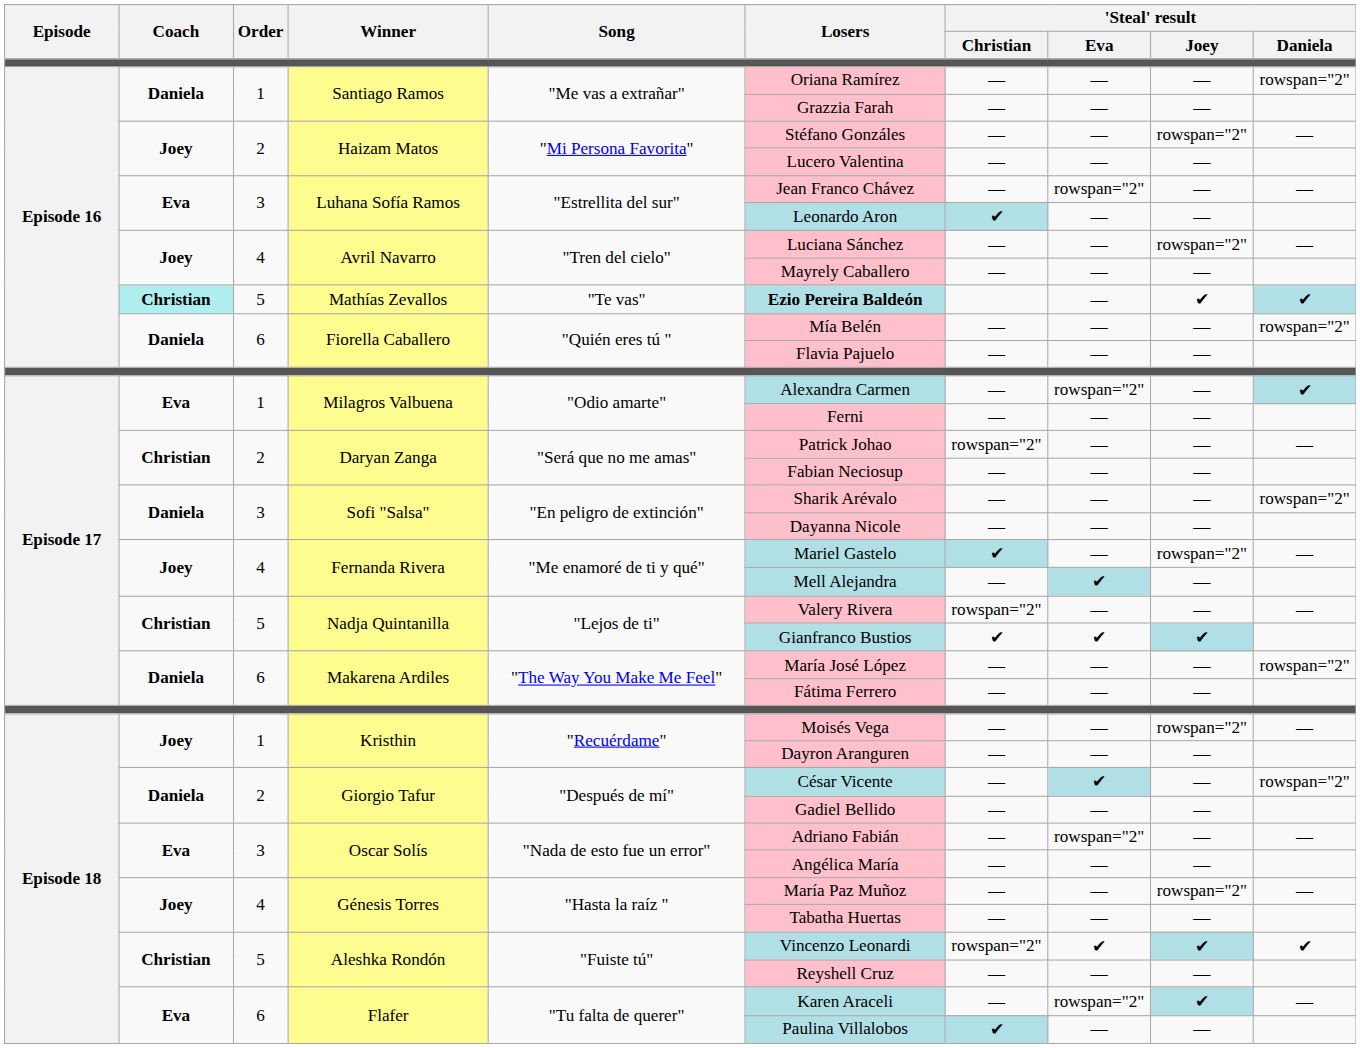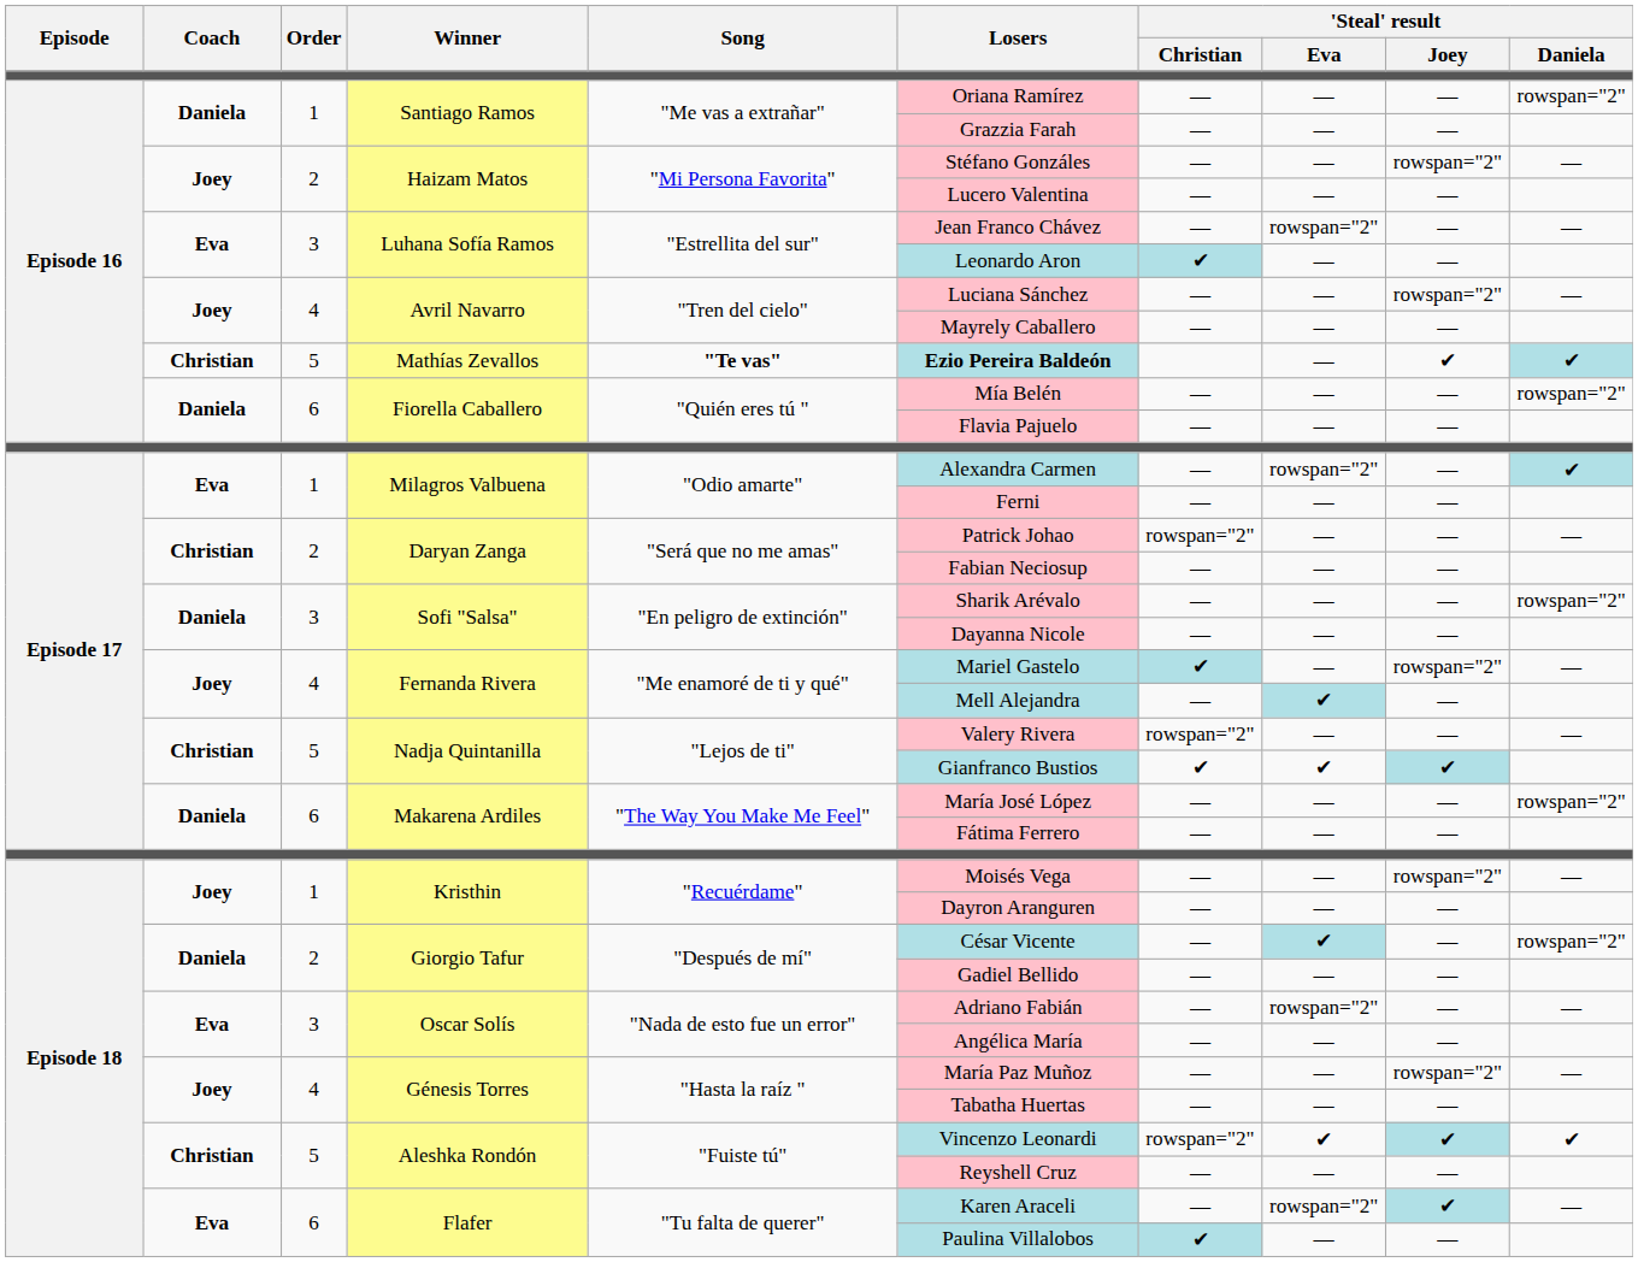 <table class="wikitable" style="text-align: center; width:100%">
 <tr>
 <th rowspan="2" style="width:08%">Episode</th>
 <th rowspan="2" style="width:08%">Coach</th>
 <th rowspan="2" style="width:02%">Order</th>
 <th rowspan="2" style="width:14%">Winner</th>
 <th rowspan="2" style="width:18%">Song</th>
 <th rowspan="2" style="width:14%">Losers</th>
 <th colspan="4" style="width:24%">'Steal' result</th>
 </tr>
 <tr>
 <th style="width:06%">Christian</th>
 <th style="width:06%">Eva</th>
 <th style="width:06%">Joey</th>
 <th style="width:06%">Daniela</th>
 </tr>
 <tr>
 <td colspan="10" style="background:#555"></td>
 </tr>
 <tr>
 <th rowspan="11">Episode 16<br></th>
 <td rowspan="2"><strong>Daniela</strong></td>
 <td rowspan="2">1</td>
 <td rowspan="2" style="background:#fdfc8f">Santiago Ramos</td>
 <td rowspan="2">"Me vas a extrañar"</td>
 <td style="background:pink">Oriana Ramírez</td>
 <td>—</td>
 <td>—</td>
 <td>—</td>
 <td>rowspan="2" </td>
 </tr>
 <tr>
 <td style="background:pink">Grazzia Farah</td>
 <td>—</td>
 <td>—</td>
 <td>—</td>
 </tr>
 <tr>
 <td rowspan="2"><strong>Joey</strong></td>
 <td rowspan="2">2</td>
 <td rowspan="2" style="background:#fdfc8f">Haizam Matos</td>
 <td rowspan="2">"<a href='#'>Mi Persona Favorita</a>"</td>
 <td style="background:pink">Stéfano Gonzáles</td>
 <td>—</td>
 <td>—</td>
 <td>rowspan="2" </td>
 <td>—</td>
 </tr>
 <tr>
 <td style="background:pink">Lucero Valentina</td>
 <td>—</td>
 <td>—</td>
 <td>—</td>
 </tr>
 <tr>
 <td rowspan="2"><strong>Eva</strong></td>
 <td rowspan="2">3</td>
 <td rowspan="2" style="background:#fdfc8f">Luhana Sofía Ramos</td>
 <td rowspan="2">"Estrellita del sur"</td>
 <td style="background:pink">Jean Franco Chávez</td>
 <td>—</td>
 <td>rowspan="2" </td>
 <td>—</td>
 <td>—</td>
 </tr>
 <tr>
 <td style="background:#b0e0e6">Leonardo Aron</td>
 <td style="background:#b0e0e6">✔</td>
 <td>—</td>
 <td>—</td>
 </tr>
 <tr>
 <td rowspan="2"><strong>Joey</strong></td>
 <td rowspan="2">4</td>
 <td rowspan="2" style="background:#fdfc8f">Avril Navarro</td>
 <td rowspan="2">"Tren del cielo"</td>
 <td style="background:pink">Luciana Sánchez</td>
 <td>—</td>
 <td>—</td>
 <td>rowspan="2" </td>
 <td>—</td>
 </tr>
 <tr>
 <td style="background:pink">Mayrely Caballero</td>
 <td>—</td>
 <td>—</td>
 <td>—</td>
 </tr>
 <tr>
-<td style="background: paleturquoise;"><strong>Christian</strong></td>
+<td><strong>Christian</strong></td>
 <td>5</td>
 <td style="background:#fdfc8f">Mathías Zevallos</td>
-<td>"Te vas"</td>
+<td><strong>"Te vas"</strong></td>
 <td style="background:#b0e0e6"><strong>Ezio Pereira Baldeón</strong></td>
 <td></td>
 <td>—</td>
 <td>✔</td>
 <td style="background:#b0e0e6">✔</td>
 </tr>
 <tr>
 <td rowspan="2"><strong>Daniela</strong></td>
 <td rowspan="2">6</td>
 <td rowspan="2" style="background:#fdfc8f">Fiorella Caballero</td>
 <td rowspan="2">"Quién eres tú "</td>
 <td style="background:pink">Mía Belén</td>
 <td>—</td>
 <td>—</td>
 <td>—</td>
 <td>rowspan="2" </td>
 </tr>
 <tr>
 <td style="background:pink">Flavia Pajuelo</td>
 <td>—</td>
 <td>—</td>
 <td>—</td>
 </tr>
 <tr>
 <th colspan="10" style="background:#555555"></th>
 </tr>
 <tr>
 <th rowspan="12">Episode 17<br></th>
 <td rowspan="2"><strong>Eva</strong></td>
 <td rowspan="2">1</td>
 <td rowspan="2" style="background:#fdfc8f">Milagros Valbuena</td>
 <td rowspan="2">"Odio amarte"</td>
 <td style="background:#b0e0e6">Alexandra Carmen</td>
 <td>—</td>
 <td>rowspan="2" </td>
 <td>—</td>
 <td style="background:#b0e0e6">✔</td>
 </tr>
 <tr>
 <td style="background:pink">Ferni</td>
 <td>—</td>
 <td>—</td>
 <td>—</td>
 </tr>
 <tr>
 <td rowspan="2"><strong>Christian</strong></td>
 <td rowspan="2">2</td>
 <td rowspan="2" style="background:#fdfc8f">Daryan Zanga</td>
 <td rowspan="2">"Será que no me amas"</td>
 <td style="background:pink">Patrick Johao</td>
 <td>rowspan="2" </td>
 <td>—</td>
 <td>—</td>
 <td>—</td>
 </tr>
 <tr>
 <td style="background:pink">Fabian Neciosup</td>
 <td>—</td>
 <td>—</td>
 <td>—</td>
 </tr>
 <tr>
 <td rowspan="2"><strong>Daniela</strong></td>
 <td rowspan="2">3</td>
 <td rowspan="2" style="background:#fdfc8f">Sofi "Salsa"</td>
 <td rowspan="2">"En peligro de extinción"</td>
 <td style="background:pink">Sharik Arévalo</td>
 <td>—</td>
 <td>—</td>
 <td>—</td>
 <td>rowspan="2" </td>
 </tr>
 <tr>
 <td style="background:pink">Dayanna Nicole</td>
 <td>—</td>
 <td>—</td>
 <td>—</td>
 </tr>
 <tr>
 <td rowspan="2"><strong>Joey</strong></td>
 <td rowspan="2">4</td>
 <td rowspan="2" style="background:#fdfc8f">Fernanda Rivera</td>
 <td rowspan="2">"Me enamoré de ti y qué"</td>
 <td style="background:#b0e0e6">Mariel Gastelo</td>
 <td style="background:#b0e0e6">✔</td>
 <td>—</td>
 <td>rowspan="2" </td>
 <td>—</td>
 </tr>
 <tr>
 <td style="background:#b0e0e6">Mell Alejandra</td>
 <td>—</td>
 <td style="background:#b0e0e6">✔</td>
 <td>—</td>
 </tr>
 <tr>
 <td rowspan="2"><strong>Christian</strong></td>
 <td rowspan="2">5</td>
 <td rowspan="2" style="background:#fdfc8f">Nadja Quintanilla</td>
 <td rowspan="2">"Lejos de ti"</td>
 <td style="background:pink">Valery Rivera</td>
 <td>rowspan="2" </td>
 <td>—</td>
 <td>—</td>
 <td>—</td>
 </tr>
 <tr>
 <td style="background:#b0e0e6">Gianfranco Bustios</td>
 <td>✔</td>
 <td>✔</td>
 <td style="background:#b0e0e6">✔</td>
 </tr>
 <tr>
 <td rowspan="2"><strong>Daniela</strong></td>
 <td rowspan="2">6</td>
 <td rowspan="2" style="background:#fdfc8f">Makarena Ardiles</td>
 <td rowspan="2">"<a href='#'>The Way You Make Me Feel</a>"</td>
 <td style="background:pink">María José López</td>
 <td>—</td>
 <td>—</td>
 <td>—</td>
 <td>rowspan="2" </td>
 </tr>
 <tr>
 <td style="background:pink">Fátima Ferrero</td>
 <td>—</td>
 <td>—</td>
 <td>—</td>
 </tr>
 <tr>
 <th colspan="10" style="background:#555555"></th>
 </tr>
 <tr>
 <th rowspan="12">Episode 18<br></th>
 <td rowspan="2"><strong>Joey</strong></td>
 <td rowspan="2">1</td>
 <td rowspan="2" style="background:#fdfc8f">Kristhin</td>
 <td rowspan="2">"<a href='#'>Recuérdame</a>"</td>
 <td style="background:pink">Moisés Vega</td>
 <td>—</td>
 <td>—</td>
 <td>rowspan="2" </td>
 <td>—</td>
 </tr>
 <tr>
 <td style="background:pink">Dayron Aranguren</td>
 <td>—</td>
 <td>—</td>
 <td>—</td>
 </tr>
 <tr>
 <td rowspan="2"><strong>Daniela</strong></td>
 <td rowspan="2">2</td>
 <td rowspan="2" style="background:#fdfc8f">Giorgio Tafur</td>
 <td rowspan="2">"Después de mí"</td>
 <td style="background:#b0e0e6">César Vicente</td>
 <td>—</td>
 <td style="background:#b0e0e6">✔</td>
 <td>—</td>
 <td>rowspan="2" </td>
 </tr>
 <tr>
 <td style="background:pink">Gadiel Bellido</td>
 <td>—</td>
 <td>—</td>
 <td>—</td>
 </tr>
 <tr>
 <td rowspan="2"><strong>Eva</strong></td>
 <td rowspan="2">3</td>
 <td rowspan="2" style="background:#fdfc8f">Oscar Solís</td>
 <td rowspan="2">"Nada de esto fue un error"</td>
 <td style="background:pink">Adriano Fabián</td>
 <td>—</td>
 <td>rowspan="2" </td>
 <td>—</td>
 <td>—</td>
 </tr>
 <tr>
 <td style="background:pink">Angélica María</td>
 <td>—</td>
 <td>—</td>
 <td>—</td>
 </tr>
 <tr>
 <td rowspan="2"><strong>Joey</strong></td>
 <td rowspan="2">4</td>
 <td rowspan="2" style="background:#fdfc8f">Génesis Torres</td>
 <td rowspan="2">"Hasta la raíz "</td>
 <td style="background:pink">María Paz Muñoz</td>
 <td>—</td>
 <td>—</td>
 <td>rowspan="2" </td>
 <td>—</td>
 </tr>
 <tr>
 <td style="background:pink">Tabatha Huertas</td>
 <td>—</td>
 <td>—</td>
 <td>—</td>
 </tr>
 <tr>
 <td rowspan="2"><strong>Christian</strong></td>
 <td rowspan="2">5</td>
 <td rowspan="2" style="background:#fdfc8f">Aleshka Rondón</td>
 <td rowspan="2">"Fuiste tú"</td>
 <td style="background:#b0e0e6">Vincenzo Leonardi</td>
 <td>rowspan="2" </td>
 <td>✔</td>
 <td style="background:#b0e0e6">✔</td>
 <td>✔</td>
 </tr>
 <tr>
 <td style="background:pink">Reyshell Cruz</td>
 <td>—</td>
 <td>—</td>
 <td>—</td>
 </tr>
 <tr>
 <td rowspan="2"><strong>Eva</strong></td>
 <td rowspan="2">6</td>
 <td rowspan="2" style="background:#fdfc8f">Flafer</td>
 <td rowspan="2">"Tu falta de querer"</td>
 <td style="background:#b0e0e6">Karen Araceli</td>
 <td>—</td>
 <td>rowspan="2" </td>
 <td style="background:#b0e0e6">✔</td>
 <td>—</td>
 </tr>
 <tr>
 <td style="background:#b0e0e6">Paulina Villalobos</td>
 <td style="background:#b0e0e6">✔</td>
 <td>—</td>
 <td>—</td>
 </tr>
 </table>
